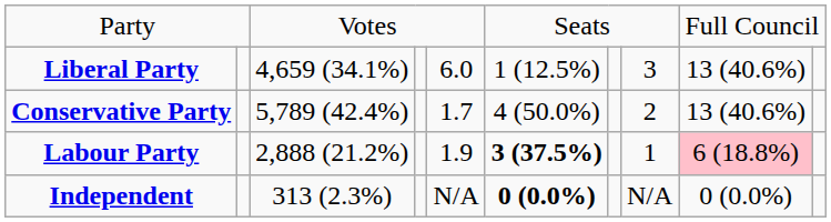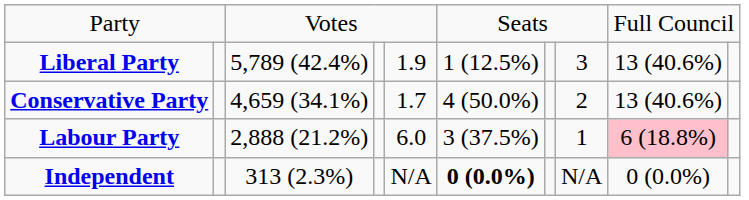 <table class=wikitable style="text-align:center;">
 <tr>
 <td colspan=2>Party</td>
 <td colspan=3>Votes</td>
 <td colspan=3>Seats</td>
 <td colspan=3>Full Council</td>
 </tr>
 <tr>
 <td><strong><a href='#'>Liberal Party</a></strong></td>
 <td style="background:"></td>
-<td>4,659 (34.1%)</td>
+<td>5,789 (42.4%)</td>
 <td></td>
-<td> 6.0</td>
+<td> 1.9</td>
 <td>1 (12.5%)</td>
 <td></td>
 <td> 3</td>
 <td>13 (40.6%)</td>
 <td></td>
 </tr>
 <tr>
 <td><strong><a href='#'>Conservative Party</a></strong></td>
 <td style="background:"></td>
-<td>5,789 (42.4%)</td>
+<td>4,659 (34.1%)</td>
 <td></td>
 <td> 1.7</td>
 <td>4 (50.0%)</td>
 <td></td>
 <td> 2</td>
 <td>13 (40.6%)</td>
 <td></td>
 </tr>
 <tr>
 <td><strong><a href='#'>Labour Party</a></strong></td>
 <td style="background:"></td>
 <td>2,888 (21.2%)</td>
 <td></td>
-<td> 1.9</td>
-<td><strong>3 (37.5%)</strong></td>
+<td> 6.0</td>
+<td>3 (37.5%)</td>
 <td></td>
 <td> 1</td>
 <td style="background: pink;">6 (18.8%)</td>
 <td></td>
 </tr>
 <tr>
 <td><strong><a href='#'>Independent</a></strong></td>
 <td style="background:"></td>
 <td>313 (2.3%)</td>
 <td></td>
 <td>N/A</td>
 <td><strong>0 (0.0%)</strong></td>
 <td></td>
 <td>N/A</td>
 <td>0 (0.0%)</td>
 <td></td>
 </tr>
 </table>
